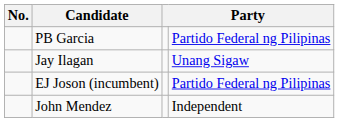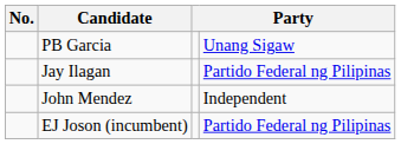 <table class="wikitable sortable" style="text-align:left;">
 <tr>
 <th>No.</th>
 <th>Candidate</th>
 <th colspan="2">Party</th>
 </tr>
 <tr>
 <td></td>
 <td>PB Garcia</td>
 <td></td>
-<td><a href='#'>Partido Federal ng Pilipinas</a></td>
+<td><a href='#'>Unang Sigaw</a></td>
 </tr>
 <tr>
 <td></td>
 <td>Jay Ilagan</td>
-<td></td>
-<td><a href='#'>Unang Sigaw</a></td>
-</tr>
-<tr>
-<td></td>
-<td>EJ Joson (incumbent)</td>
 <td></td>
 <td><a href='#'>Partido Federal ng Pilipinas</a></td>
 </tr>
 <tr>
 <td></td>
 <td>John Mendez</td>
 <td></td>
 <td>Independent</td>
 </tr>
+<tr>
+<td></td>
+<td>EJ Joson (incumbent)</td>
+<td></td>
+<td><a href='#'>Partido Federal ng Pilipinas</a></td>
+</tr>
 </table>
